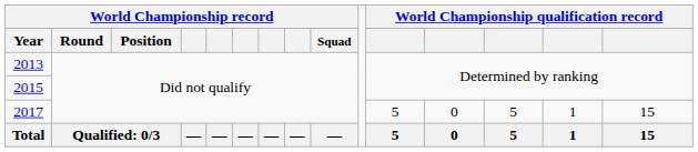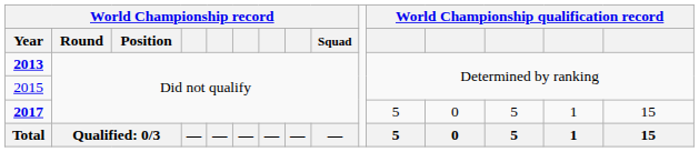 <table class="wikitable" style="text-align: center;">
 <tr>
 <th colspan=9><a href='#'>World Championship record</a></th>
 <td width=1% rowspan=6></td>
 <th colspan=5><a href='#'>World Championship qualification record</a></th>
 </tr>
 <tr>
 <th>Year</th>
 <th>Round</th>
 <th>Position</th>
 <th></th>
 <th></th>
 <th></th>
 <th></th>
 <th></th>
 <th><small>Squad</small></th>
 <th></th>
 <th></th>
 <th></th>
 <th></th>
 <th></th>
 </tr>
 <tr>
-<td> <a href='#'>2013</a></td>
+<td><strong> <a href='#'>2013</a></strong></td>
 <td colspan="8" rowspan="3">Did not qualify</td>
 <td colspan="5" rowspan="2">Determined by ranking</td>
 </tr>
 <tr>
 <td> <a href='#'>2015</a></td>
 </tr>
 <tr>
-<td> <a href='#'>2017</a></td>
+<td><strong> <a href='#'>2017</a></strong></td>
 <td>5</td>
 <td>0</td>
 <td>5</td>
 <td>1</td>
 <td>15</td>
 </tr>
 <tr>
 <th>Total</th>
 <th colspan="2">Qualified: 0/3</th>
 <th>—</th>
 <th>—</th>
 <th>—</th>
 <th>—</th>
 <th>—</th>
 <th>—</th>
 <th>5</th>
 <th>0</th>
 <th>5</th>
 <th>1</th>
 <th>15</th>
 </tr>
 </table>
